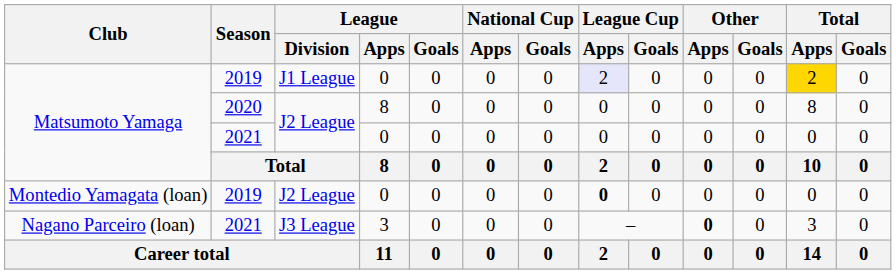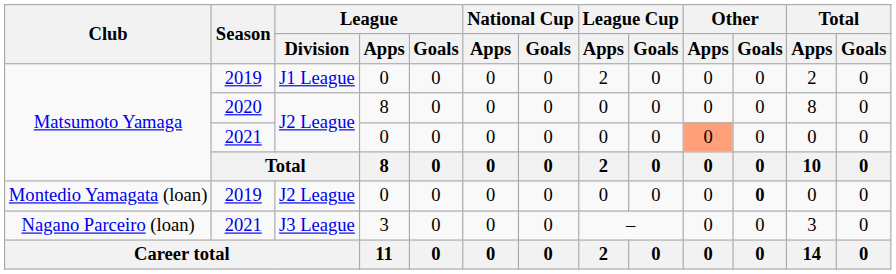 <table class="wikitable" style="text-align: center">
 <tr>
 <th rowspan="2">Club</th>
 <th rowspan="2">Season</th>
 <th colspan="3">League</th>
 <th colspan="2">National Cup</th>
 <th colspan="2">League Cup</th>
 <th colspan="2">Other</th>
 <th colspan="2">Total</th>
 </tr>
 <tr>
 <th>Division</th>
 <th>Apps</th>
 <th>Goals</th>
 <th>Apps</th>
 <th>Goals</th>
 <th>Apps</th>
 <th>Goals</th>
 <th>Apps</th>
 <th>Goals</th>
 <th>Apps</th>
 <th>Goals</th>
 </tr>
 <tr>
 <td rowspan="4"><a href='#'>Matsumoto Yamaga</a></td>
 <td><a href='#'>2019</a></td>
 <td><a href='#'>J1 League</a></td>
 <td>0</td>
 <td>0</td>
 <td>0</td>
 <td>0</td>
-<td style="background: lavender;">2</td>
+<td>2</td>
 <td>0</td>
 <td>0</td>
 <td>0</td>
-<td style="background: gold;">2</td>
+<td>2</td>
 <td>0</td>
 </tr>
 <tr>
 <td><a href='#'>2020</a></td>
 <td rowspan="2"><a href='#'>J2 League</a></td>
 <td>8</td>
 <td>0</td>
 <td>0</td>
 <td>0</td>
 <td>0</td>
 <td>0</td>
 <td>0</td>
 <td>0</td>
 <td>8</td>
 <td>0</td>
 </tr>
 <tr>
 <td><a href='#'>2021</a></td>
 <td>0</td>
 <td>0</td>
 <td>0</td>
 <td>0</td>
 <td>0</td>
 <td>0</td>
-<td>0</td>
+<td style="background: lightsalmon;">0</td>
 <td>0</td>
 <td>0</td>
 <td>0</td>
 </tr>
 <tr>
 <th colspan=2>Total</th>
 <th>8</th>
 <th>0</th>
 <th>0</th>
 <th>0</th>
 <th>2</th>
 <th>0</th>
 <th>0</th>
 <th>0</th>
 <th>10</th>
 <th>0</th>
 </tr>
 <tr>
 <td><a href='#'>Montedio Yamagata</a> (loan)</td>
 <td><a href='#'>2019</a></td>
 <td><a href='#'>J2 League</a></td>
 <td>0</td>
 <td>0</td>
 <td>0</td>
 <td>0</td>
-<td><strong>0</strong></td>
 <td>0</td>
 <td>0</td>
 <td>0</td>
+<td><strong>0</strong></td>
 <td>0</td>
 <td>0</td>
 </tr>
 <tr>
 <td><a href='#'>Nagano Parceiro</a> (loan)</td>
 <td><a href='#'>2021</a></td>
 <td><a href='#'>J3 League</a></td>
 <td>3</td>
 <td>0</td>
 <td>0</td>
 <td>0</td>
 <td colspan="2">–</td>
-<td><strong>0</strong></td>
+<td>0</td>
 <td>0</td>
 <td>3</td>
 <td>0</td>
 </tr>
 <tr>
 <th colspan=3>Career total</th>
 <th>11</th>
 <th>0</th>
 <th>0</th>
 <th>0</th>
 <th>2</th>
 <th>0</th>
 <th>0</th>
 <th>0</th>
 <th>14</th>
 <th>0</th>
 </tr>
 </table>
